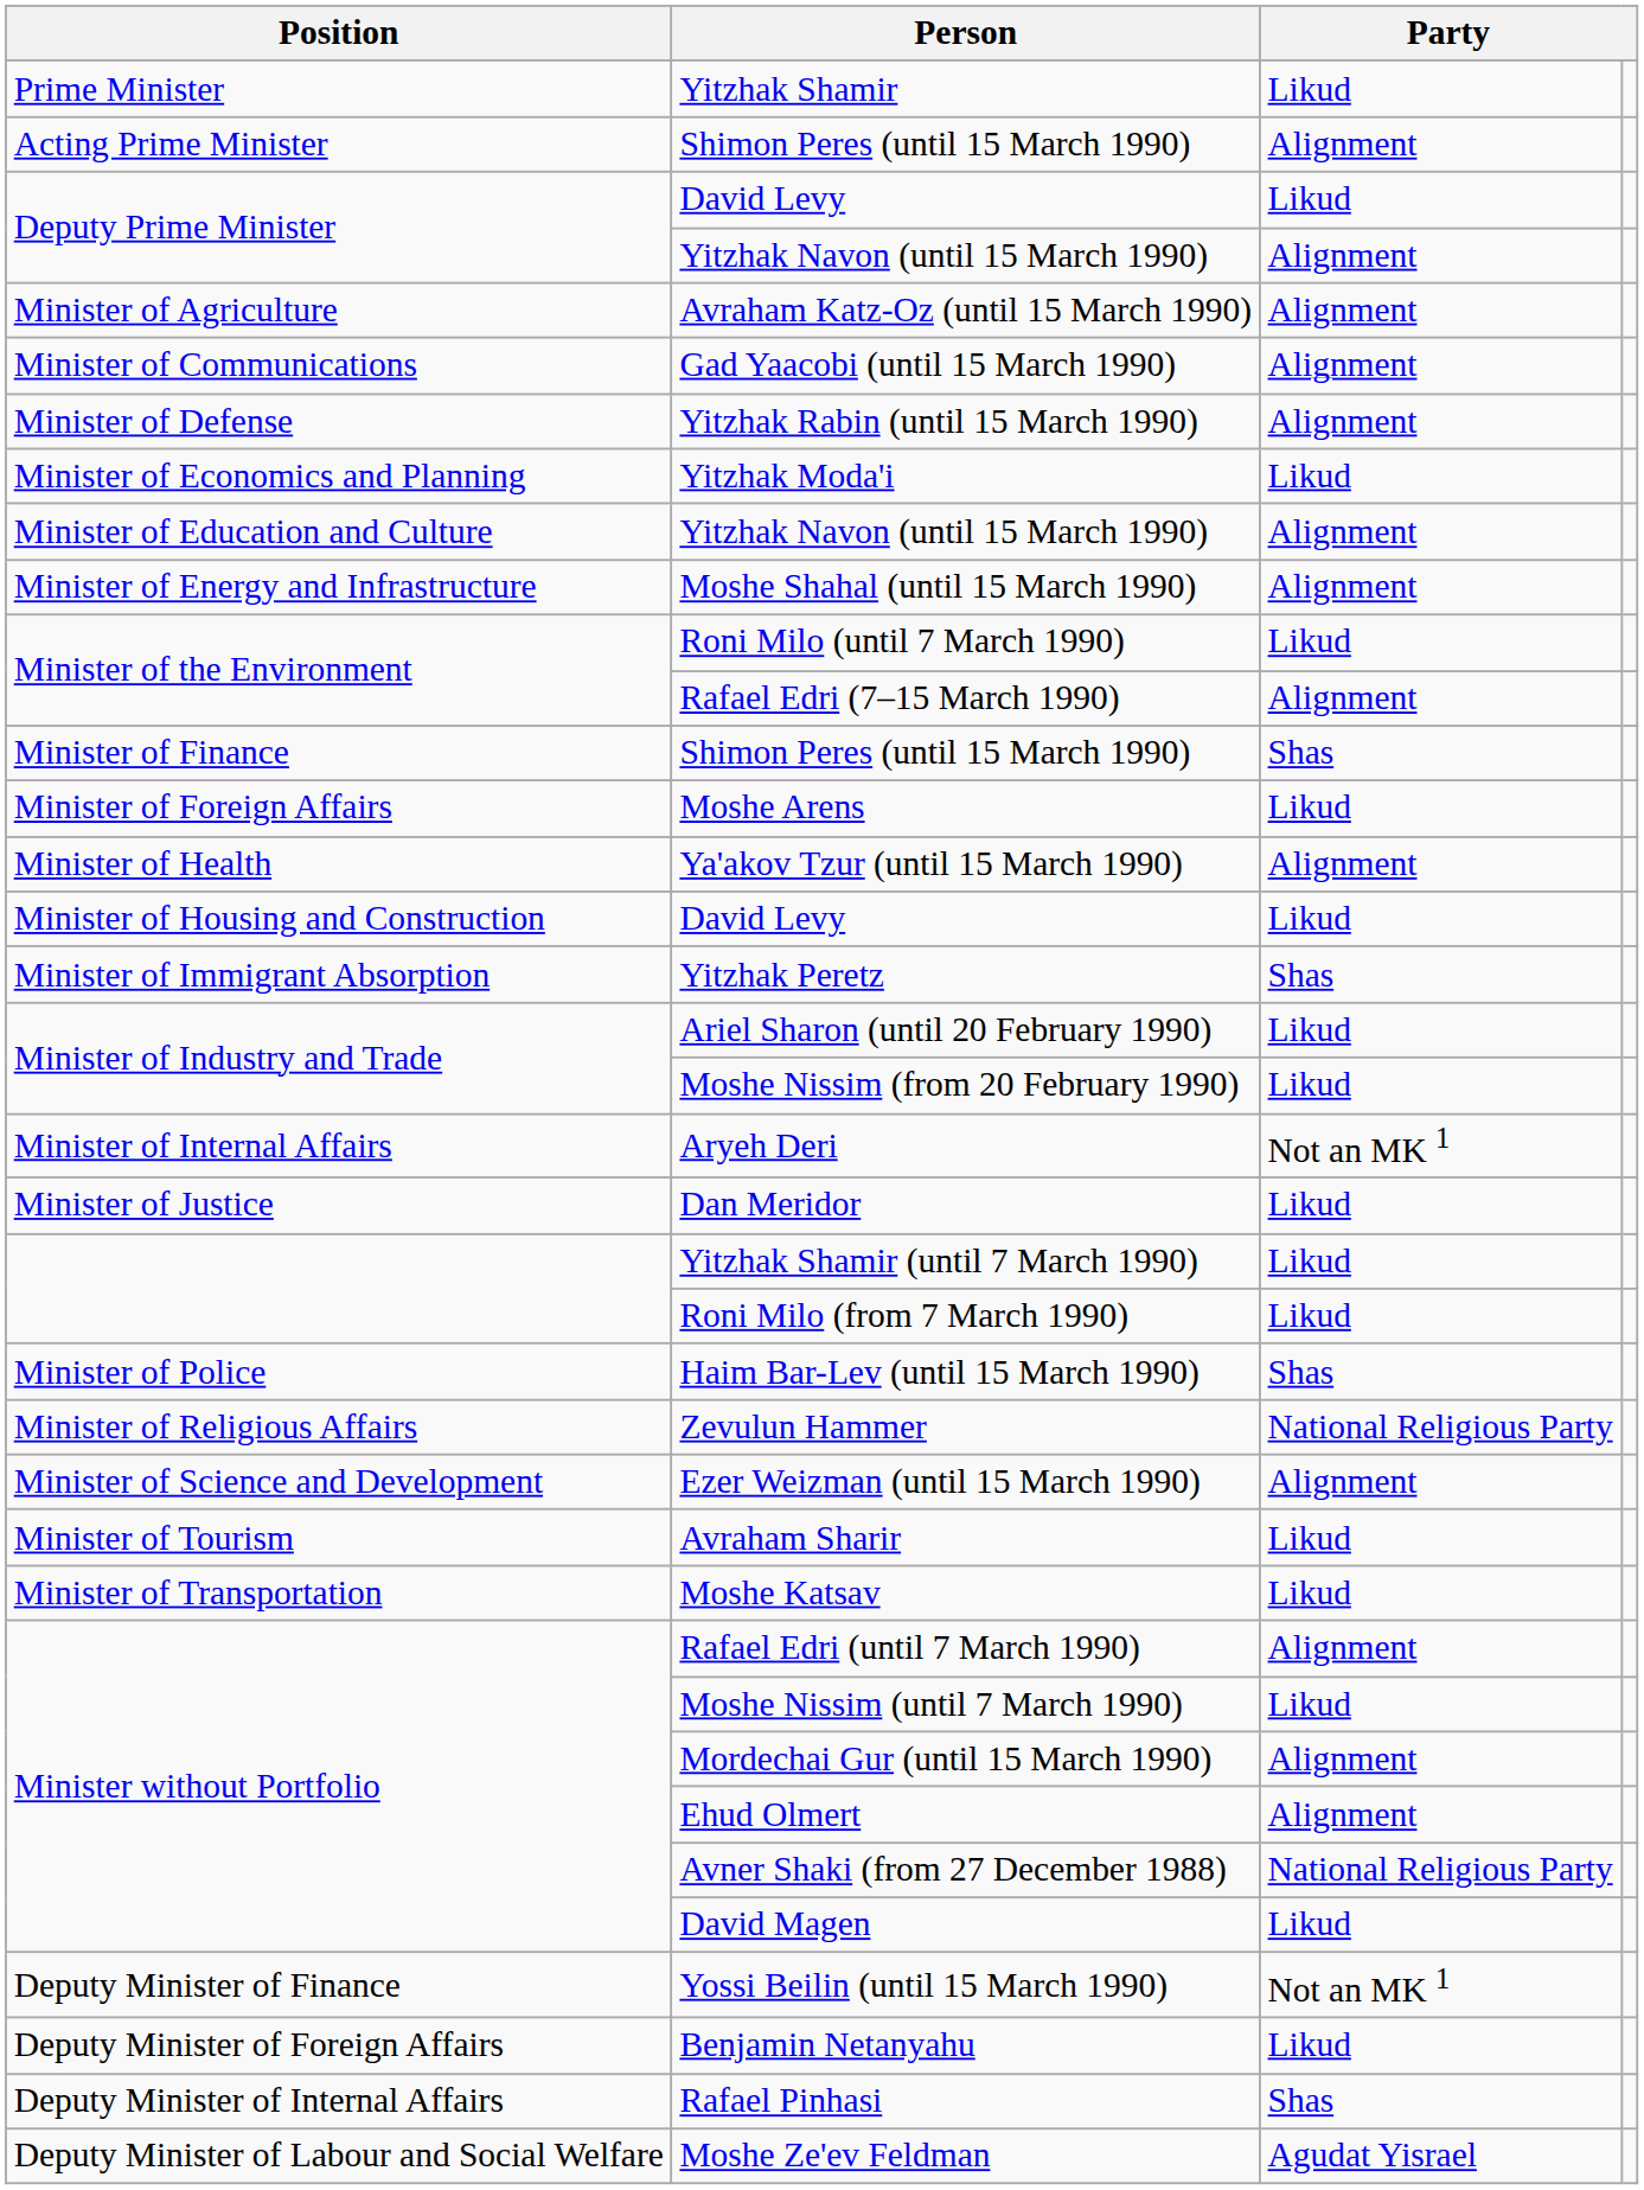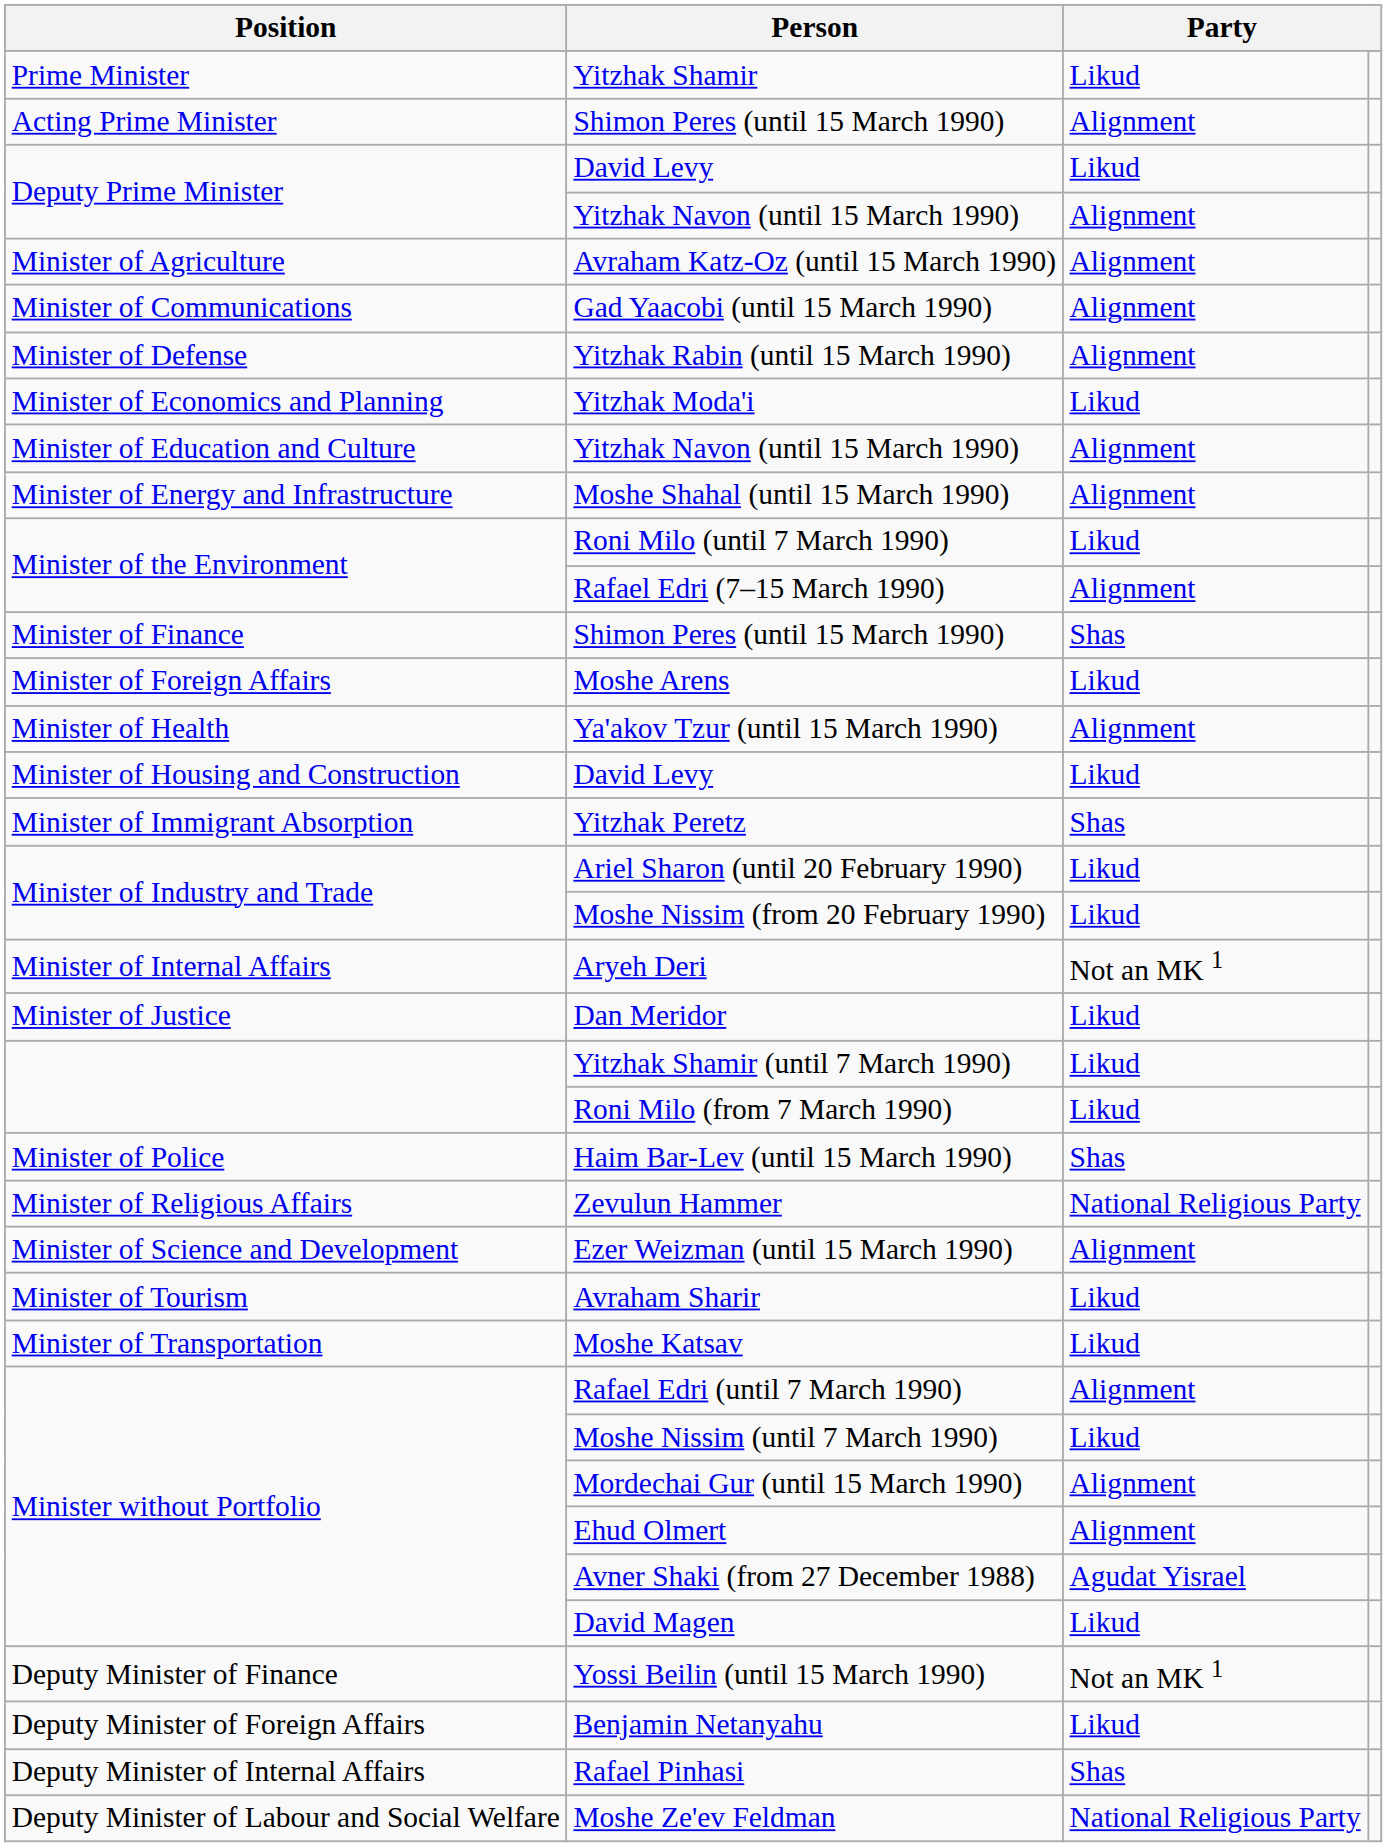 <table class=wikitable style="text-align:left">
 <tr>
 <th>Position</th>
 <th>Person</th>
 <th colspan=2>Party</th>
 </tr>
 <tr>
 <td><a href='#'>Prime Minister</a></td>
 <td><a href='#'>Yitzhak Shamir</a></td>
 <td><a href='#'>Likud</a></td>
 <td style="background:"></td>
 </tr>
 <tr>
 <td><a href='#'>Acting Prime Minister</a></td>
 <td><a href='#'>Shimon Peres</a> (until 15 March 1990)</td>
 <td><a href='#'>Alignment</a></td>
 <td style="background:"></td>
 </tr>
 <tr>
 <td rowspan=2><a href='#'>Deputy Prime Minister</a></td>
 <td><a href='#'>David Levy</a></td>
 <td><a href='#'>Likud</a></td>
 <td style="background:"></td>
 </tr>
 <tr>
 <td><a href='#'>Yitzhak Navon</a> (until 15 March 1990)</td>
 <td><a href='#'>Alignment</a></td>
 <td style="background:"></td>
 </tr>
 <tr>
 <td><a href='#'>Minister of Agriculture</a></td>
 <td><a href='#'>Avraham Katz-Oz</a> (until 15 March 1990)</td>
 <td><a href='#'>Alignment</a></td>
 <td style="background:"></td>
 </tr>
 <tr>
 <td><a href='#'>Minister of Communications</a></td>
 <td><a href='#'>Gad Yaacobi</a> (until 15 March 1990)</td>
 <td><a href='#'>Alignment</a></td>
 <td style="background:"></td>
 </tr>
 <tr>
 <td><a href='#'>Minister of Defense</a></td>
 <td><a href='#'>Yitzhak Rabin</a> (until 15 March 1990)</td>
 <td><a href='#'>Alignment</a></td>
 <td style="background:"></td>
 </tr>
 <tr>
 <td><a href='#'>Minister of Economics and Planning</a></td>
 <td><a href='#'>Yitzhak Moda'i</a></td>
 <td><a href='#'>Likud</a></td>
 <td style="background:"></td>
 </tr>
 <tr>
 <td><a href='#'>Minister of Education and Culture</a></td>
 <td><a href='#'>Yitzhak Navon</a> (until 15 March 1990)</td>
 <td><a href='#'>Alignment</a></td>
 <td style="background:"></td>
 </tr>
 <tr>
 <td><a href='#'>Minister of Energy and Infrastructure</a></td>
 <td><a href='#'>Moshe Shahal</a> (until 15 March 1990)</td>
 <td><a href='#'>Alignment</a></td>
 <td style="background:"></td>
 </tr>
 <tr>
 <td rowspan=2><a href='#'>Minister of the Environment</a></td>
 <td><a href='#'>Roni Milo</a> (until 7 March 1990)</td>
 <td><a href='#'>Likud</a></td>
 <td style="background:"></td>
 </tr>
 <tr>
 <td><a href='#'>Rafael Edri</a> (7–15 March 1990)</td>
 <td><a href='#'>Alignment</a></td>
 <td style="background:"></td>
 </tr>
 <tr>
 <td><a href='#'>Minister of Finance</a></td>
 <td><a href='#'>Shimon Peres</a> (until 15 March 1990)</td>
 <td><a href='#'>Shas</a></td>
 <td style="background:"></td>
 </tr>
 <tr>
 <td><a href='#'>Minister of Foreign Affairs</a></td>
 <td><a href='#'>Moshe Arens</a></td>
 <td><a href='#'>Likud</a></td>
 <td style="background:"></td>
 </tr>
 <tr>
 <td><a href='#'>Minister of Health</a></td>
 <td><a href='#'>Ya'akov Tzur</a> (until 15 March 1990)</td>
 <td><a href='#'>Alignment</a></td>
 <td style="background:"></td>
 </tr>
 <tr>
 <td><a href='#'>Minister of Housing and Construction</a></td>
 <td><a href='#'>David Levy</a></td>
 <td><a href='#'>Likud</a></td>
 <td style="background:"></td>
 </tr>
 <tr>
 <td><a href='#'>Minister of Immigrant Absorption</a></td>
 <td><a href='#'>Yitzhak Peretz</a></td>
 <td><a href='#'>Shas</a></td>
 <td style="background:"></td>
 </tr>
 <tr>
 <td rowspan=2><a href='#'>Minister of Industry and Trade</a></td>
 <td><a href='#'>Ariel Sharon</a> (until 20 February 1990)</td>
 <td><a href='#'>Likud</a></td>
 <td style="background:"></td>
 </tr>
 <tr>
 <td><a href='#'>Moshe Nissim</a> (from 20 February 1990)</td>
 <td><a href='#'>Likud</a></td>
 <td style="background:"></td>
 </tr>
 <tr>
 <td><a href='#'>Minister of Internal Affairs</a></td>
 <td><a href='#'>Aryeh Deri</a></td>
 <td>Not an MK <sup>1</sup></td>
 <td style="background:"></td>
 </tr>
 <tr>
 <td><a href='#'>Minister of Justice</a></td>
 <td><a href='#'>Dan Meridor</a></td>
 <td><a href='#'>Likud</a></td>
 <td style="background:"></td>
 </tr>
 <tr>
 <td rowspan=2></td>
 <td><a href='#'>Yitzhak Shamir</a> (until 7 March 1990)</td>
 <td><a href='#'>Likud</a></td>
 <td style="background:"></td>
 </tr>
 <tr>
 <td><a href='#'>Roni Milo</a> (from 7 March 1990)</td>
 <td><a href='#'>Likud</a></td>
 <td style="background:"></td>
 </tr>
 <tr>
 <td><a href='#'>Minister of Police</a></td>
 <td><a href='#'>Haim Bar-Lev</a> (until 15 March 1990)</td>
 <td><a href='#'>Shas</a></td>
 <td style="background:"></td>
 </tr>
 <tr>
 <td><a href='#'>Minister of Religious Affairs</a></td>
 <td><a href='#'>Zevulun Hammer</a></td>
 <td><a href='#'>National Religious Party</a></td>
 <td style="background:"></td>
 </tr>
 <tr>
 <td><a href='#'>Minister of Science and Development</a></td>
 <td><a href='#'>Ezer Weizman</a> (until 15 March 1990)</td>
 <td><a href='#'>Alignment</a></td>
 <td style="background:"></td>
 </tr>
 <tr>
 <td><a href='#'>Minister of Tourism</a></td>
 <td><a href='#'>Avraham Sharir</a></td>
 <td><a href='#'>Likud</a></td>
 <td style="background:"></td>
 </tr>
 <tr>
 <td><a href='#'>Minister of Transportation</a></td>
 <td><a href='#'>Moshe Katsav</a></td>
 <td><a href='#'>Likud</a></td>
 <td style="background:"></td>
 </tr>
 <tr>
 <td rowspan=6><a href='#'>Minister without Portfolio</a></td>
 <td><a href='#'>Rafael Edri</a> (until 7 March 1990)</td>
 <td><a href='#'>Alignment</a></td>
 <td style="background:"></td>
 </tr>
 <tr>
 <td><a href='#'>Moshe Nissim</a> (until 7 March 1990)</td>
 <td><a href='#'>Likud</a></td>
 <td style="background:"></td>
 </tr>
 <tr>
 <td><a href='#'>Mordechai Gur</a> (until 15 March 1990)</td>
 <td><a href='#'>Alignment</a></td>
 <td style="background:"></td>
 </tr>
 <tr>
 <td><a href='#'>Ehud Olmert</a></td>
 <td><a href='#'>Alignment</a></td>
 <td style="background:"></td>
 </tr>
 <tr>
 <td><a href='#'>Avner Shaki</a> (from 27 December 1988)</td>
-<td><a href='#'>National Religious Party</a></td>
+<td><a href='#'>Agudat Yisrael</a></td>
 <td style="background:"></td>
 </tr>
 <tr>
 <td><a href='#'>David Magen</a></td>
 <td><a href='#'>Likud</a></td>
 <td style="background:"></td>
 </tr>
 <tr>
 <td>Deputy Minister of Finance</td>
 <td><a href='#'>Yossi Beilin</a> (until 15 March 1990)</td>
 <td>Not an MK <sup>1</sup></td>
 <td style="background:"></td>
 </tr>
 <tr>
 <td>Deputy Minister of Foreign Affairs</td>
 <td><a href='#'>Benjamin Netanyahu</a></td>
 <td><a href='#'>Likud</a></td>
 <td style="background:"></td>
 </tr>
 <tr>
 <td>Deputy Minister of Internal Affairs</td>
 <td><a href='#'>Rafael Pinhasi</a></td>
 <td><a href='#'>Shas</a></td>
 <td style="background:"></td>
 </tr>
 <tr>
 <td>Deputy Minister of Labour and Social Welfare</td>
 <td><a href='#'>Moshe Ze'ev Feldman</a></td>
-<td><a href='#'>Agudat Yisrael</a></td>
+<td><a href='#'>National Religious Party</a></td>
 <td style="background:"></td>
 </tr>
 </table>
